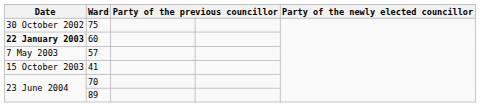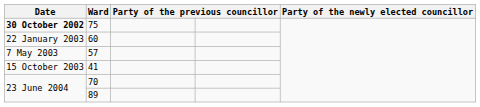 <table class="wikitable">
 <tr>
 <th>Date</th>
 <th>Ward</th>
 <th colspan=2>Party of the previous councillor</th>
 <th colspan=2>Party of the newly elected councillor</th>
 </tr>
 <tr>
-<td>30 October 2002</td>
+<td><strong>30 October 2002</strong></td>
 <td>75</td>
 <td></td>
 <td></td>
 </tr>
 <tr>
-<td><strong>22 January 2003</strong></td>
+<td>22 January 2003</td>
 <td>60</td>
 <td></td>
 <td></td>
 </tr>
 <tr>
 <td>7 May 2003</td>
 <td>57</td>
 <td></td>
 <td></td>
 </tr>
 <tr>
 <td>15 October 2003</td>
 <td>41</td>
 <td></td>
 <td></td>
 </tr>
 <tr>
 <td rowspan=2>23 June 2004</td>
 <td>70</td>
 <td></td>
 <td></td>
 </tr>
 <tr>
 <td>89</td>
 <td></td>
 <td></td>
 </tr>
 </table>
